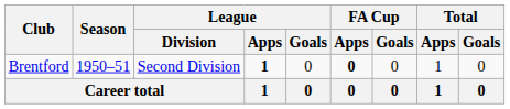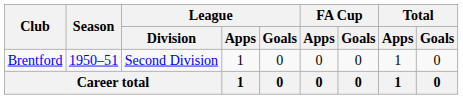 <table class="wikitable" style="text-align: center;">
 <tr>
 <th rowspan="2">Club</th>
 <th rowspan="2">Season</th>
 <th colspan="3">League</th>
 <th colspan="2">FA Cup</th>
 <th colspan="2">Total</th>
 </tr>
 <tr>
 <th>Division</th>
 <th>Apps</th>
 <th>Goals</th>
 <th>Apps</th>
 <th>Goals</th>
 <th>Apps</th>
 <th>Goals</th>
 </tr>
 <tr>
 <td><a href='#'>Brentford</a></td>
 <td><a href='#'>1950–51</a></td>
 <td><a href='#'>Second Division</a></td>
-<td><strong>1</strong></td>
+<td>1</td>
 <td>0</td>
-<td><strong>0</strong></td>
+<td>0</td>
 <td>0</td>
 <td>1</td>
 <td>0</td>
 </tr>
 <tr>
 <th colspan="3">Career total</th>
 <th>1</th>
 <th>0</th>
 <th>0</th>
 <th>0</th>
 <th>1</th>
 <th>0</th>
 </tr>
 </table>
